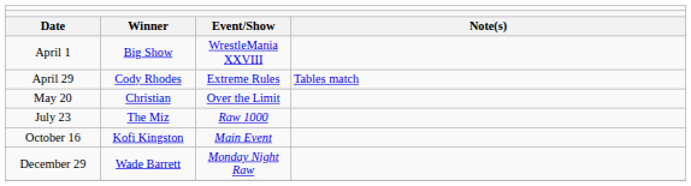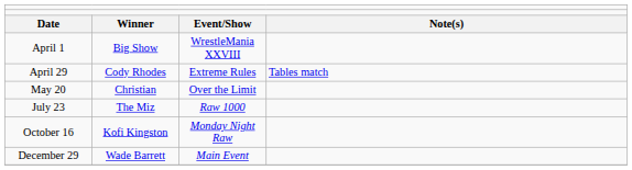 <table class="wikitable" style="text-align:center; width:100%;">
 <tr>
 <td colspan="5"></td>
 </tr>
 <tr>
 <td colspan="5"><strong></strong></td>
 </tr>
 <tr>
 <th width=14%>Date</th>
 <th width=14%>Winner</th>
 <th width=14%>Event/Show</th>
 <th width=58%>Note(s)</th>
 </tr>
 <tr>
 <td>April 1</td>
 <td><a href='#'>Big Show</a></td>
 <td><a href='#'>WrestleMania XXVIII</a></td>
 <td></td>
 </tr>
 <tr>
 <td>April 29</td>
 <td><a href='#'>Cody Rhodes</a></td>
 <td><a href='#'>Extreme Rules</a></td>
 <td align=left><a href='#'>Tables match</a></td>
 </tr>
 <tr>
 <td>May 20</td>
 <td><a href='#'>Christian</a></td>
 <td><a href='#'>Over the Limit</a></td>
 <td></td>
 </tr>
 <tr>
 <td>July 23</td>
 <td><a href='#'>The Miz</a></td>
 <td><em><a href='#'>Raw 1000</a></em></td>
 <td></td>
 </tr>
 <tr>
 <td>October 16<br></td>
 <td><a href='#'>Kofi Kingston</a></td>
-<td><em><a href='#'>Main Event</a></em></td>
+<td><em><a href='#'>Monday Night Raw</a></em></td>
 <td></td>
 </tr>
 <tr>
 <td>December 29<br></td>
 <td><a href='#'>Wade Barrett</a></td>
-<td><em><a href='#'>Monday Night Raw</a></em></td>
+<td><em><a href='#'>Main Event</a></em></td>
 <td></td>
 </tr>
 <tr>
 </tr>
 </table>
